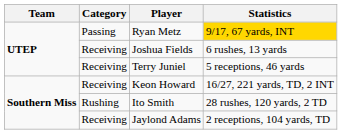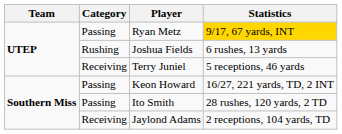 <table class="wikitable" style="float: left;">
 <tr>
 <th>Team</th>
 <th>Category</th>
 <th>Player</th>
 <th>Statistics</th>
 </tr>
 <tr>
 <td rowspan=3><strong>UTEP</strong></td>
 <td>Passing</td>
 <td>Ryan Metz</td>
 <td style="background: gold;">9/17, 67 yards, INT</td>
 </tr>
 <tr>
-<td>Receiving</td>
+<td>Rushing</td>
 <td>Joshua Fields</td>
 <td>6 rushes, 13 yards</td>
 </tr>
 <tr>
 <td>Receiving</td>
 <td>Terry Juniel</td>
 <td>5 receptions, 46 yards</td>
 </tr>
 <tr>
 <td rowspan=3><strong>Southern Miss</strong></td>
-<td>Receiving</td>
+<td>Passing</td>
 <td>Keon Howard</td>
 <td>16/27, 221 yards, TD, 2 INT</td>
 </tr>
 <tr>
-<td>Rushing</td>
+<td>Passing</td>
 <td>Ito Smith</td>
 <td>28 rushes, 120 yards, 2 TD</td>
 </tr>
 <tr>
 <td>Receiving</td>
 <td>Jaylond Adams</td>
 <td>2 receptions, 104 yards, TD</td>
 </tr>
 </table>
